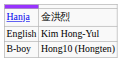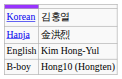 <table class = "wikitable">
 <tr>
 <td style="background-color:#9933FF;"></td>
+</tr>
+<tr>
+<td><a href='#'>Korean</a></td>
+<td>김홍열</td>
 </tr>
 <tr>
 <td><a href='#'>Hanja</a></td>
 <td>金洪烈</td>
 </tr>
 <tr>
 <td>English</td>
 <td>Kim Hong-Yul</td>
 </tr>
 <tr>
 <td>B-boy</td>
 <td>Hong10 (Hongten)</td>
 </tr>
 </table>
